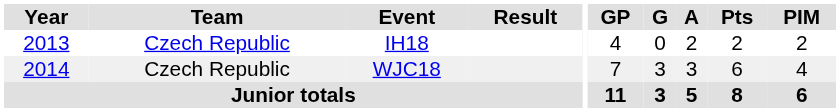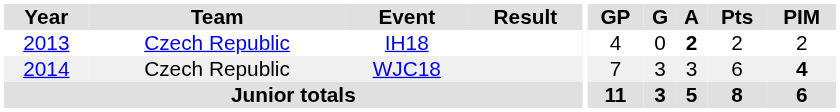 <table border="0" cellpadding="1" cellspacing="0" ID="Table3" style="text-align:center; width:40em">
 <tr ALIGN="center" bgcolor="#e0e0e0">
 <th>Year</th>
 <th>Team</th>
 <th>Event</th>
 <th>Result</th>
 <th rowspan="99" bgcolor="#ffffff"></th>
 <th>GP</th>
 <th>G</th>
 <th>A</th>
 <th>Pts</th>
 <th>PIM</th>
 </tr>
 <tr>
 <td><a href='#'>2013</a></td>
 <td><a href='#'>Czech Republic</a></td>
 <td><a href='#'>IH18</a></td>
 <td></td>
 <td>4</td>
 <td>0</td>
-<td>2</td>
+<td><strong>2</strong></td>
 <td>2</td>
 <td>2</td>
 </tr>
 <tr bgcolor="#f0f0f0">
 <td><a href='#'>2014</a></td>
 <td>Czech Republic</td>
 <td><a href='#'>WJC18</a></td>
 <td></td>
 <td>7</td>
 <td>3</td>
 <td>3</td>
 <td>6</td>
-<td>4</td>
+<td><strong>4</strong></td>
 </tr>
 <tr bgcolor="#e0e0e0">
 <th colspan="4">Junior totals</th>
 <th>11</th>
 <th>3</th>
 <th>5</th>
 <th>8</th>
 <th>6</th>
 </tr>
 </table>
